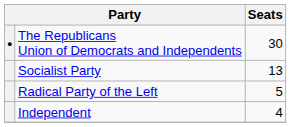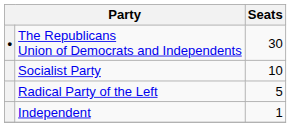 <table class="wikitable" style="font-size: 95%;">
 <tr>
 <th colspan=2>Party</th>
 <th>Seats</th>
 </tr>
 <tr>
 <th style="background-color: "><span>•</span></th>
 <td><a href='#'>The Republicans</a><br><a href='#'>Union of Democrats and Independents</a></td>
 <td align="right">30</td>
 </tr>
 <tr>
 <th style="background-color: "></th>
 <td><a href='#'>Socialist Party</a></td>
-<td align="right">13</td>
+<td align="right">10</td>
 </tr>
 <tr>
 <th style="background-color: "></th>
 <td><a href='#'>Radical Party of the Left</a></td>
 <td align="right">5</td>
 </tr>
 <tr>
 <th style="background-color: "></th>
 <td><a href='#'>Independent</a></td>
-<td align="right">4</td>
+<td align="right">1</td>
 </tr>
 <tr>
 </tr>
 </table>
